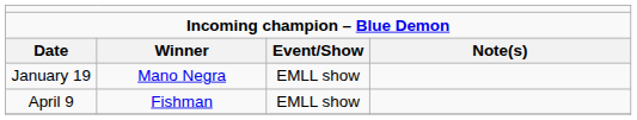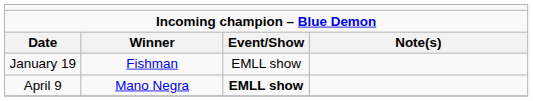 <table class="wikitable" style="text-align:center; width:100%;">
 <tr>
 <td colspan=5></td>
 </tr>
 <tr>
 <td colspan=5><strong>Incoming champion – <a href='#'>Blue Demon</a></strong></td>
 </tr>
 <tr>
 <th width=14%>Date</th>
 <th width=26%>Winner</th>
 <th width=14%>Event/Show</th>
 <th width=40%>Note(s)</th>
 </tr>
 <tr>
 <td>January 19</td>
-<td><a href='#'>Mano Negra</a></td>
+<td><a href='#'>Fishman</a></td>
 <td>EMLL show</td>
 <td></td>
 </tr>
 <tr>
 <td>April 9</td>
-<td><a href='#'>Fishman</a></td>
-<td>EMLL show</td>
+<td><a href='#'>Mano Negra</a></td>
+<td><strong>EMLL show</strong></td>
 <td></td>
 </tr>
 <tr>
 </tr>
 </table>
